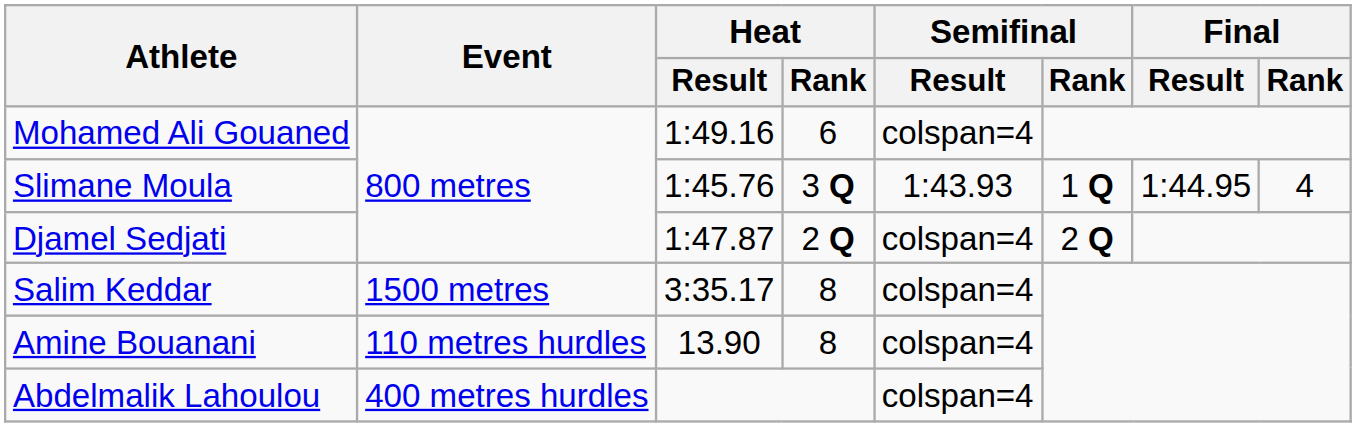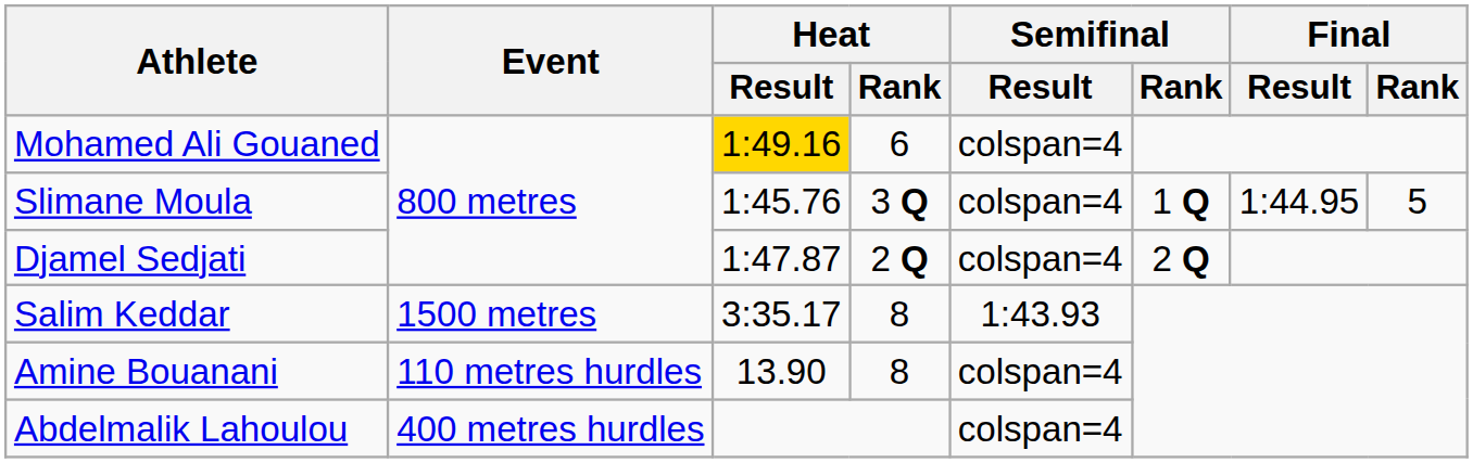 <table class="wikitable" style="font-size:90%">
 <tr>
 <th rowspan="2">Athlete</th>
 <th rowspan="2">Event</th>
 <th colspan="2">Heat</th>
 <th colspan="2">Semifinal</th>
 <th colspan="2">Final</th>
 </tr>
 <tr style="font-size:95%">
 <th>Result</th>
 <th>Rank</th>
 <th>Result</th>
 <th>Rank</th>
 <th>Result</th>
 <th>Rank</th>
 </tr>
 <tr align=center>
 <td align=left><a href='#'>Mohamed Ali Gouaned</a></td>
 <td align=left rowspan=3><a href='#'>800 metres</a></td>
-<td>1:49.16</td>
+<td style="background: gold;">1:49.16</td>
 <td>6</td>
 <td>colspan=4 </td>
 </tr>
 <tr align=center>
 <td align=left><a href='#'>Slimane Moula</a></td>
 <td>1:45.76</td>
 <td>3 <strong>Q</strong></td>
-<td>1:43.93</td>
+<td>colspan=4 </td>
 <td>1 <strong>Q</strong></td>
 <td>1:44.95</td>
-<td>4</td>
+<td>5</td>
 </tr>
 <tr align=center>
 <td align=left><a href='#'>Djamel Sedjati</a></td>
 <td>1:47.87</td>
 <td>2 <strong>Q</strong></td>
 <td>colspan=4 </td>
 <td>2 <strong>Q</strong></td>
 <td colspan=2></td>
 </tr>
 <tr align=center>
 <td align=left><a href='#'>Salim Keddar</a></td>
 <td align=left><a href='#'>1500 metres</a></td>
 <td>3:35.17</td>
 <td>8</td>
-<td>colspan=4 </td>
+<td>1:43.93</td>
 </tr>
 <tr align=center>
 <td align=left><a href='#'>Amine Bouanani</a></td>
 <td align=left><a href='#'>110 metres hurdles</a></td>
 <td>13.90</td>
 <td>8</td>
 <td>colspan=4 </td>
 </tr>
 <tr align=center>
 <td align=left><a href='#'>Abdelmalik Lahoulou</a></td>
 <td align=left><a href='#'>400 metres hurdles</a></td>
 <td colspan=2></td>
 <td>colspan=4 </td>
 </tr>
 </table>
